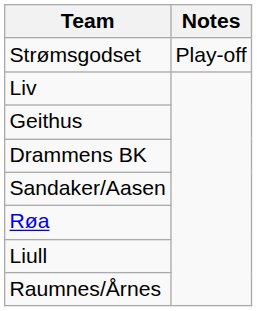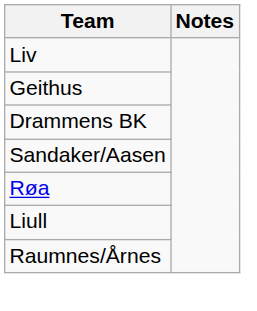 <table class="wikitable">
 <tr>
 <th>Team</th>
 <th>Notes</th>
-</tr>
-<tr>
-<td>Strømsgodset</td>
-<td>Play-off</td>
 </tr>
 <tr>
 <td>Liv</td>
 </tr>
 <tr>
 <td>Geithus</td>
 </tr>
 <tr>
 <td>Drammens BK</td>
 </tr>
 <tr>
 <td>Sandaker/Aasen</td>
 </tr>
 <tr>
 <td><a href='#'>Røa</a></td>
 </tr>
 <tr>
 <td>Liull</td>
 </tr>
 <tr>
 <td>Raumnes/Årnes</td>
 </tr>
 </table>
